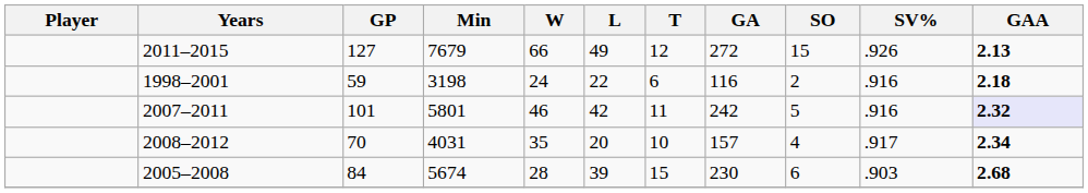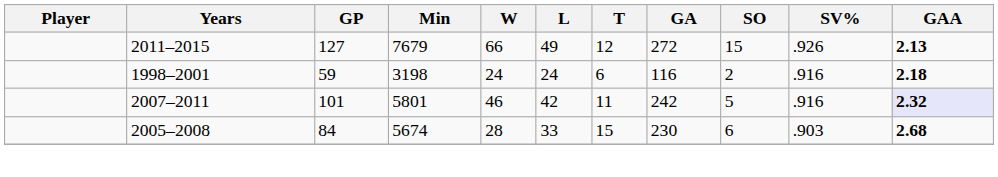 <table class="wikitable sortable" width = 900>
 <tr>
 <th>Player</th>
 <th>Years</th>
 <th>GP</th>
 <th>Min</th>
 <th>W</th>
 <th>L</th>
 <th>T</th>
 <th>GA</th>
 <th>SO</th>
 <th>SV%</th>
 <th>GAA</th>
 </tr>
 <tr>
 <td></td>
 <td>2011–2015</td>
 <td>127</td>
 <td>7679</td>
 <td>66</td>
 <td>49</td>
 <td>12</td>
 <td>272</td>
 <td>15</td>
 <td>.926</td>
 <td><strong>2.13</strong></td>
 </tr>
 <tr>
 <td></td>
 <td>1998–2001</td>
 <td>59</td>
 <td>3198</td>
 <td>24</td>
-<td>22</td>
+<td>24</td>
 <td>6</td>
 <td>116</td>
 <td>2</td>
 <td>.916</td>
 <td><strong>2.18</strong></td>
 </tr>
 <tr>
 <td></td>
 <td>2007–2011</td>
 <td>101</td>
 <td>5801</td>
 <td>46</td>
 <td>42</td>
 <td>11</td>
 <td>242</td>
 <td>5</td>
 <td>.916</td>
 <td style="background: lavender;"><strong>2.32</strong></td>
 </tr>
 <tr>
 <td></td>
-<td>2008–2012</td>
-<td>70</td>
-<td>4031</td>
-<td>35</td>
-<td>20</td>
-<td>10</td>
-<td>157</td>
-<td>4</td>
-<td>.917</td>
-<td><strong>2.34</strong></td>
-</tr>
-<tr>
-<td></td>
 <td>2005–2008</td>
 <td>84</td>
 <td>5674</td>
 <td>28</td>
-<td>39</td>
+<td>33</td>
 <td>15</td>
 <td>230</td>
 <td>6</td>
 <td>.903</td>
 <td><strong>2.68</strong></td>
 </tr>
 <tr>
 </tr>
 </table>
